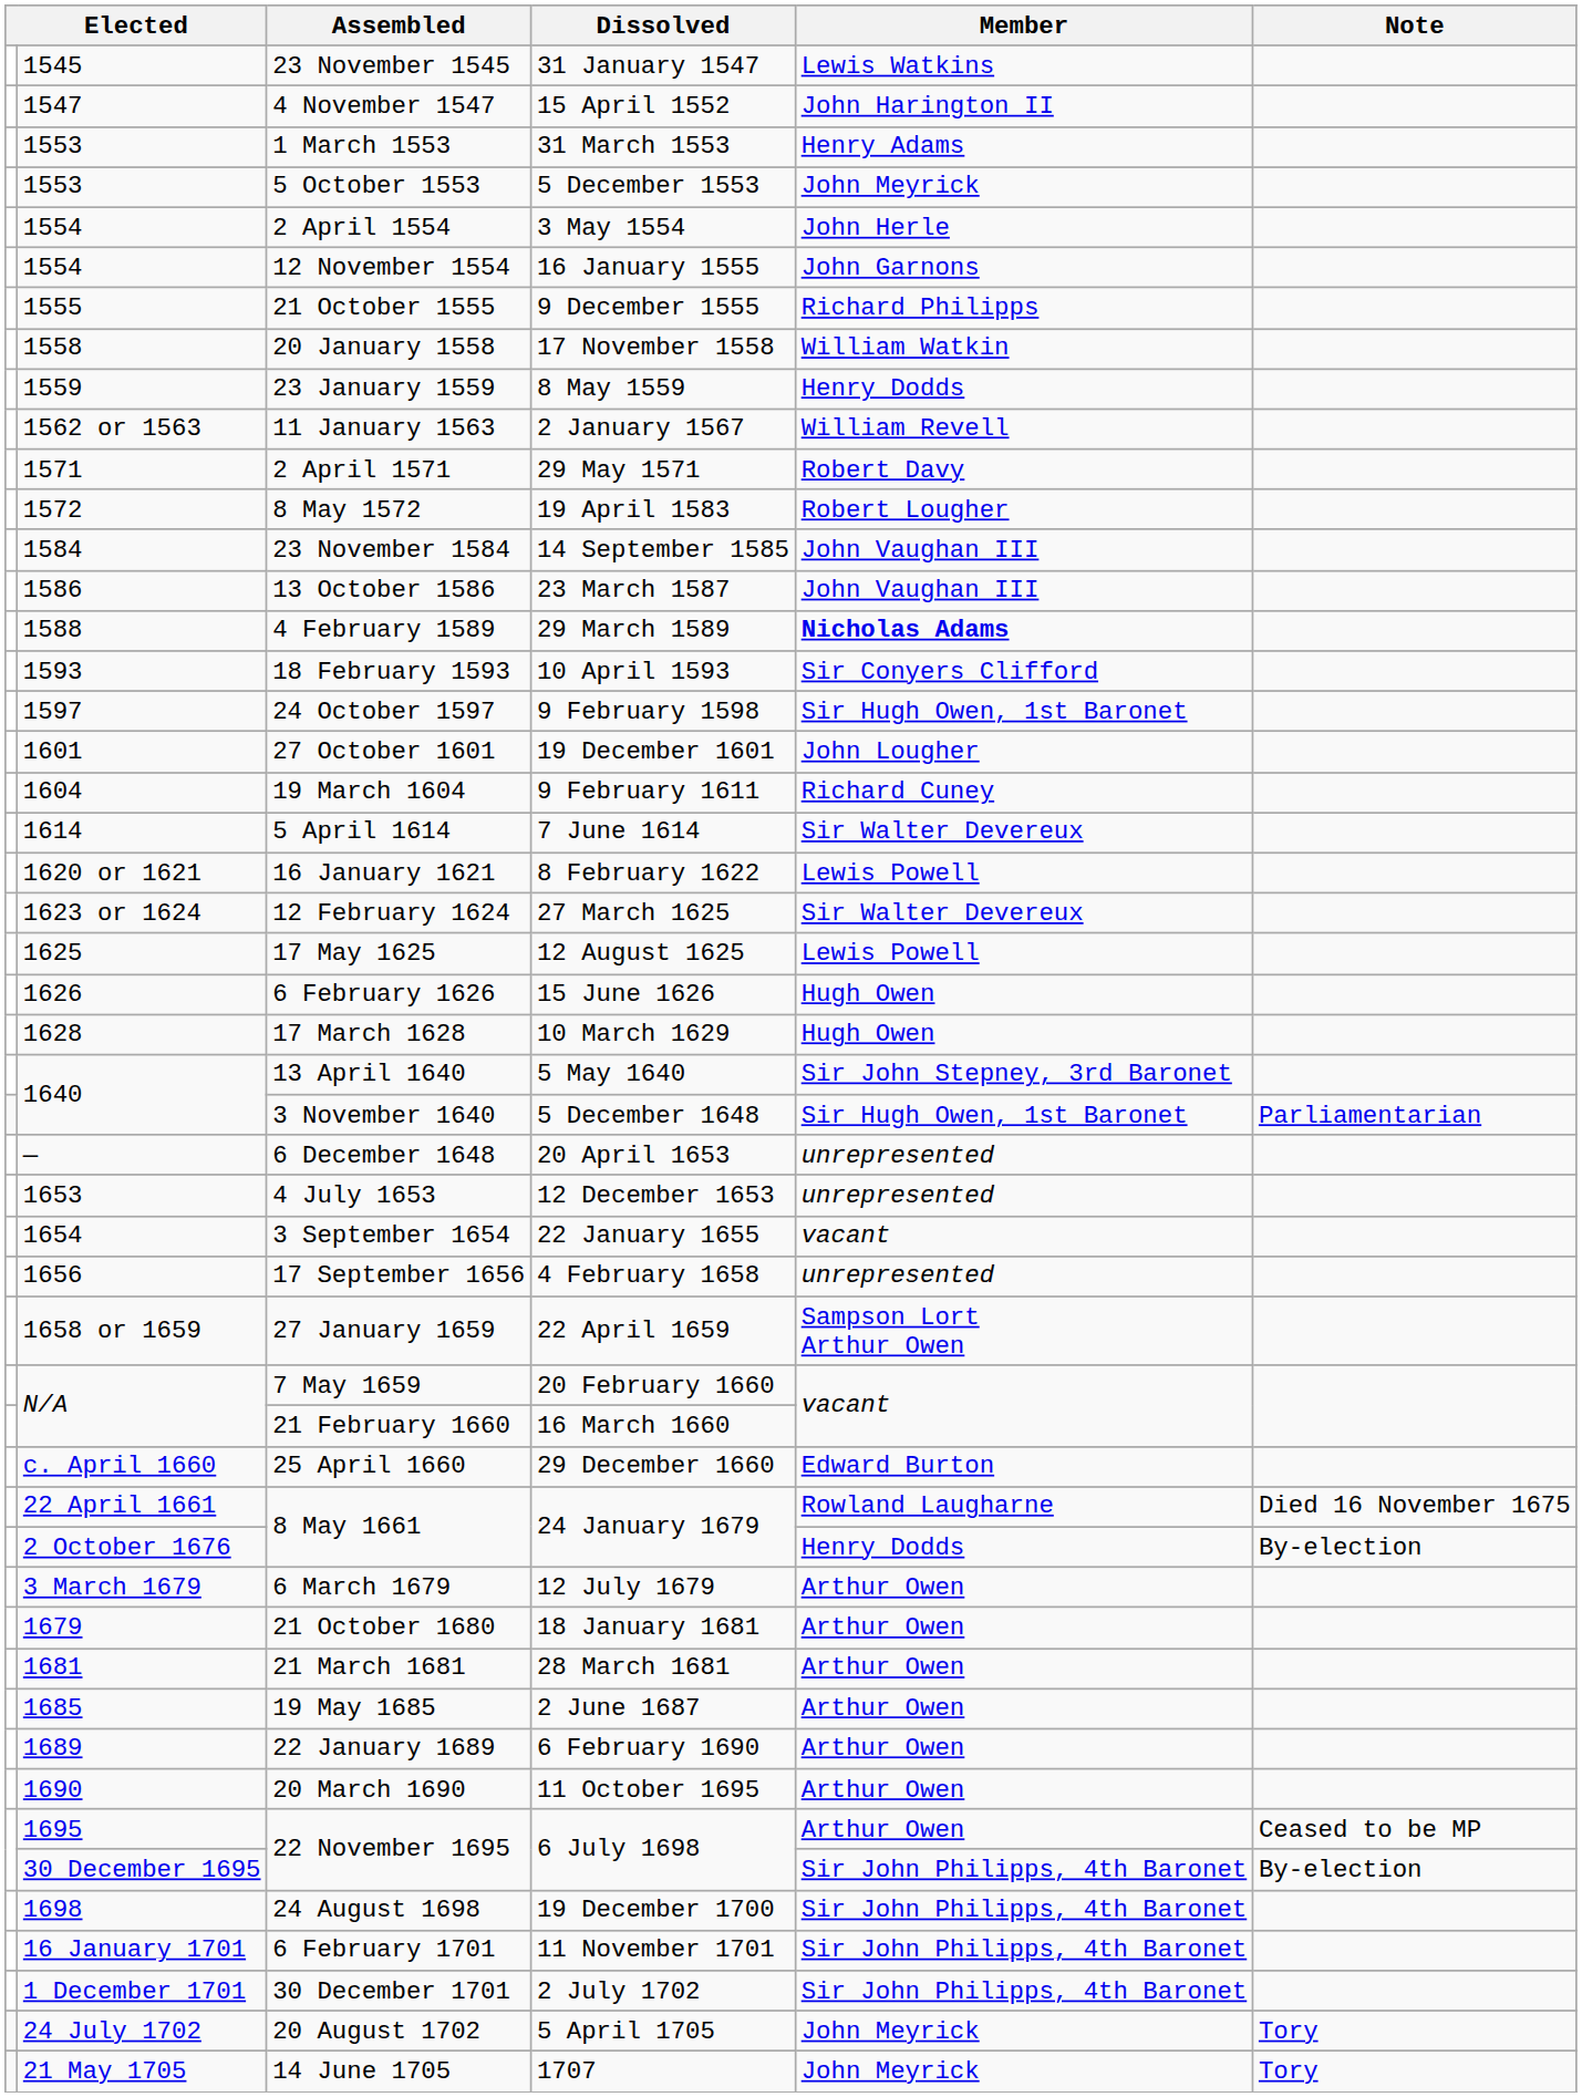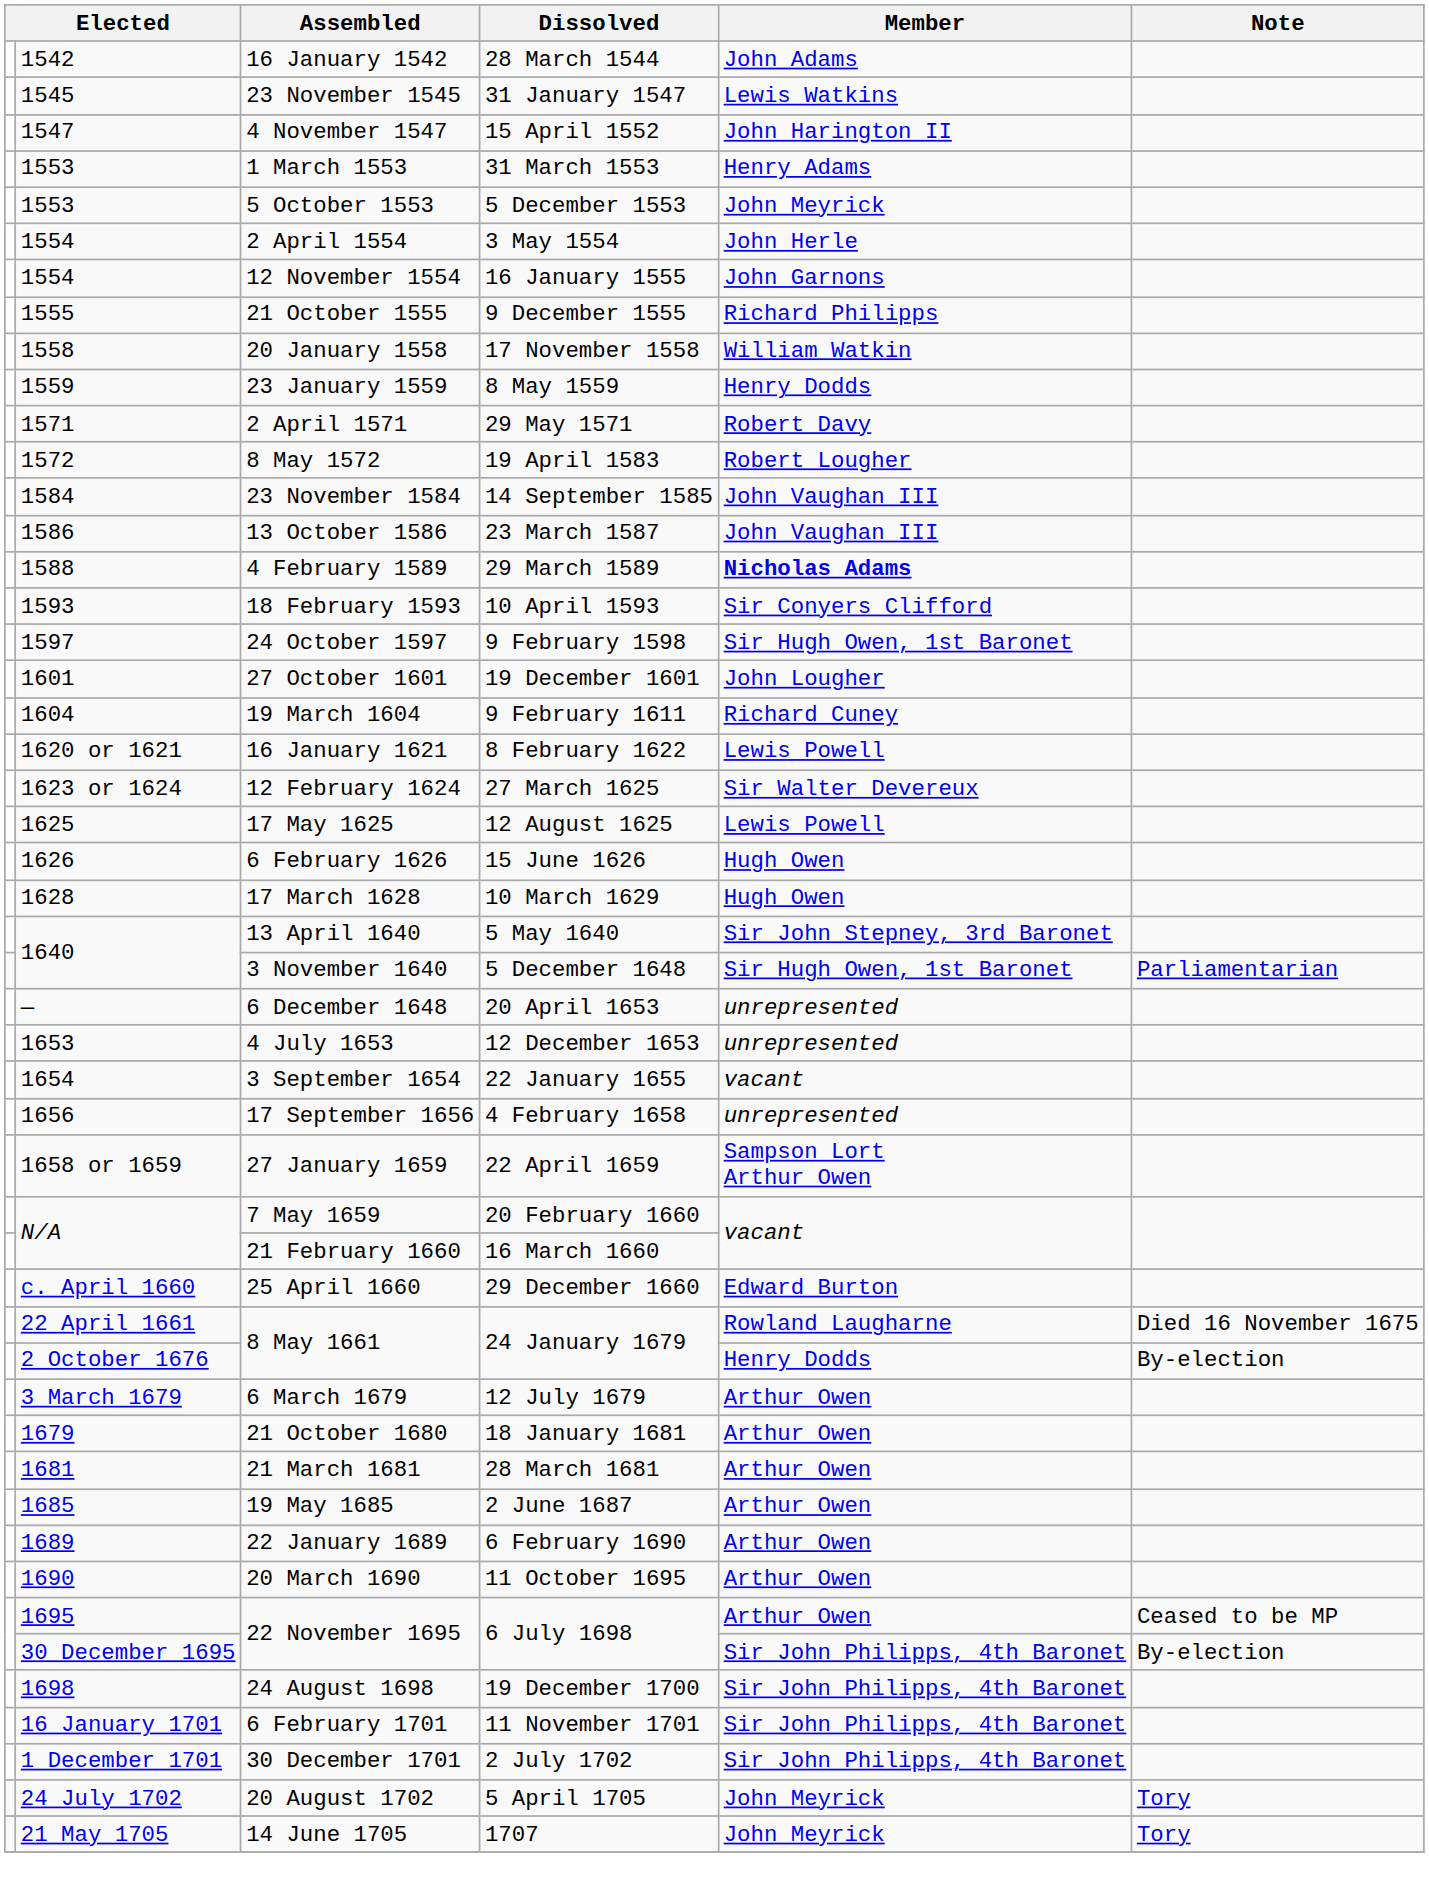 <table class="wikitable">
 <tr>
 <th colspan="2">Elected</th>
 <th>Assembled</th>
 <th>Dissolved</th>
 <th>Member</th>
 <th>Note</th>
+</tr>
+<tr>
+<td style="color:inherit;background-color: white"></td>
+<td>1542</td>
+<td>16 January 1542</td>
+<td>28 March 1544</td>
+<td><a href='#'>John Adams</a></td>
+<td></td>
 </tr>
 <tr>
 <td style="color:inherit;background-color: white"></td>
 <td>1545</td>
 <td>23 November 1545</td>
 <td>31 January 1547</td>
 <td><a href='#'>Lewis Watkins</a></td>
 <td></td>
 </tr>
 <tr>
 <td style="color:inherit;background-color: white"></td>
 <td>1547</td>
 <td>4 November 1547</td>
 <td>15 April 1552</td>
 <td><a href='#'>John Harington II</a></td>
 <td></td>
 </tr>
 <tr>
 <td style="color:inherit;background-color: white"></td>
 <td>1553</td>
 <td>1 March 1553</td>
 <td>31 March 1553</td>
 <td><a href='#'>Henry Adams</a></td>
 <td></td>
 </tr>
 <tr>
 <td style="color:inherit;background-color: white"></td>
 <td>1553</td>
 <td>5 October 1553</td>
 <td>5 December 1553</td>
 <td><a href='#'>John Meyrick</a> </td>
 <td></td>
 </tr>
 <tr>
 <td style="color:inherit;background-color: white"></td>
 <td>1554</td>
 <td>2 April 1554</td>
 <td>3 May 1554</td>
 <td><a href='#'>John Herle</a></td>
 <td></td>
 </tr>
 <tr>
 <td style="color:inherit;background-color: white"></td>
 <td>1554</td>
 <td>12 November 1554</td>
 <td>16 January 1555</td>
 <td><a href='#'>John Garnons</a></td>
 <td></td>
 </tr>
 <tr>
 <td style="color:inherit;background-color: white"></td>
 <td>1555</td>
 <td>21 October 1555</td>
 <td>9 December 1555</td>
 <td><a href='#'>Richard Philipps</a></td>
 <td></td>
 </tr>
 <tr>
 <td style="color:inherit;background-color: white"></td>
 <td>1558</td>
 <td>20 January 1558</td>
 <td>17 November 1558</td>
 <td><a href='#'>William Watkin</a></td>
 <td></td>
 </tr>
 <tr>
 <td style="color:inherit;background-color: white"></td>
 <td>1559</td>
 <td>23 January 1559</td>
 <td>8 May 1559</td>
 <td><a href='#'>Henry Dodds</a></td>
 <td></td>
 </tr>
 <tr>
 <td style="color:inherit;background-color: white"></td>
-<td>1562 or 1563</td>
-<td>11 January 1563</td>
-<td>2 January 1567</td>
-<td><a href='#'>William Revell</a></td>
-<td></td>
-</tr>
-<tr>
-<td style="color:inherit;background-color: white"></td>
 <td>1571</td>
 <td>2 April 1571</td>
 <td>29 May 1571</td>
 <td><a href='#'>Robert Davy</a></td>
 <td></td>
 </tr>
 <tr>
 <td style="color:inherit;background-color: white"></td>
 <td>1572</td>
 <td>8 May 1572</td>
 <td>19 April 1583</td>
 <td><a href='#'>Robert Lougher</a></td>
 <td></td>
 </tr>
 <tr>
 <td style="color:inherit;background-color: white"></td>
 <td>1584</td>
 <td>23 November 1584</td>
 <td>14 September 1585</td>
 <td><a href='#'>John Vaughan III</a></td>
 <td></td>
 </tr>
 <tr>
 <td style="color:inherit;background-color: white"></td>
 <td>1586</td>
 <td>13 October 1586</td>
 <td>23 March 1587</td>
 <td><a href='#'>John Vaughan III</a></td>
 <td></td>
 </tr>
 <tr>
 <td style="color:inherit;background-color: white"></td>
 <td>1588</td>
 <td>4 February 1589</td>
 <td>29 March 1589</td>
 <td><strong><a href='#'>Nicholas Adams</a></strong></td>
 <td></td>
 </tr>
 <tr>
 <td style="color:inherit;background-color: white"></td>
 <td>1593</td>
 <td>18 February 1593</td>
 <td>10 April 1593</td>
 <td><a href='#'>Sir Conyers Clifford</a></td>
 <td></td>
 </tr>
 <tr>
 <td style="color:inherit;background-color: white"></td>
 <td>1597</td>
 <td>24 October 1597</td>
 <td>9 February 1598</td>
 <td><a href='#'>Sir Hugh Owen, 1st Baronet</a> </td>
 <td></td>
 </tr>
 <tr>
 <td style="color:inherit;background-color: white"></td>
 <td>1601</td>
 <td>27 October 1601</td>
 <td>19 December 1601</td>
 <td><a href='#'>John Lougher</a></td>
 <td></td>
 </tr>
 <tr>
 <td style="color:inherit;background-color: white"></td>
 <td>1604</td>
 <td>19 March 1604</td>
 <td>9 February 1611</td>
 <td><a href='#'>Richard Cuney</a></td>
-<td></td>
-</tr>
-<tr>
-<td style="color:inherit;background-color: white"></td>
-<td>1614</td>
-<td>5 April 1614</td>
-<td>7 June 1614</td>
-<td><a href='#'>Sir Walter Devereux</a></td>
 <td></td>
 </tr>
 <tr>
 <td style="color:inherit;background-color: white"></td>
 <td>1620 or 1621</td>
 <td>16 January 1621</td>
 <td>8 February 1622</td>
 <td><a href='#'>Lewis Powell</a></td>
 <td></td>
 </tr>
 <tr>
 <td style="color:inherit;background-color: white"></td>
 <td>1623 or 1624</td>
 <td>12 February 1624</td>
 <td>27 March 1625</td>
 <td><a href='#'>Sir Walter Devereux</a></td>
 <td></td>
 </tr>
 <tr>
 <td style="color:inherit;background-color: white"></td>
 <td>1625</td>
 <td>17 May 1625</td>
 <td>12 August 1625</td>
 <td><a href='#'>Lewis Powell</a></td>
 <td></td>
 </tr>
 <tr>
 <td style="color:inherit;background-color: white"></td>
 <td>1626</td>
 <td>6 February 1626</td>
 <td>15 June 1626</td>
 <td><a href='#'>Hugh Owen</a> </td>
 <td></td>
 </tr>
 <tr>
 <td style="color:inherit;background-color: white"></td>
 <td>1628</td>
 <td>17 March 1628</td>
 <td>10 March 1629</td>
 <td><a href='#'>Hugh Owen</a> </td>
 <td></td>
 </tr>
 <tr>
 <td style="color:inherit;background-color: white"></td>
 <td rowspan=2>1640</td>
 <td>13 April 1640</td>
 <td>5 May 1640</td>
 <td><a href='#'>Sir John Stepney, 3rd Baronet</a></td>
 <td></td>
 </tr>
 <tr>
 <td style="color:inherit;background-color: "></td>
 <td>3 November 1640</td>
 <td>5 December 1648</td>
 <td><a href='#'>Sir Hugh Owen, 1st Baronet</a> </td>
 <td><a href='#'>Parliamentarian</a></td>
 </tr>
 <tr>
 <td style="color:inherit;background-color: white"></td>
 <td>—</td>
 <td>6 December 1648</td>
 <td>20 April 1653</td>
 <td><em>unrepresented</em></td>
 <td></td>
 </tr>
 <tr>
 <td style="color:inherit;background-color: white"></td>
 <td>1653</td>
 <td>4 July 1653</td>
 <td>12 December 1653</td>
 <td><em>unrepresented</em></td>
 <td></td>
 </tr>
 <tr>
 <td style="color:inherit;background-color: white"></td>
 <td>1654</td>
 <td>3 September 1654</td>
 <td>22 January 1655</td>
 <td><em>vacant</em></td>
 <td></td>
 </tr>
 <tr>
 <td style="color:inherit;background-color: white"></td>
 <td>1656</td>
 <td>17 September 1656</td>
 <td>4 February 1658</td>
 <td><em>unrepresented</em></td>
 <td></td>
 </tr>
 <tr>
 <td style="color:inherit;background-color: white"></td>
 <td>1658 or 1659</td>
 <td>27 January 1659</td>
 <td>22 April 1659</td>
 <td><a href='#'>Sampson Lort</a><br><a href='#'>Arthur Owen</a></td>
 <td></td>
 </tr>
 <tr>
 <td style="color:inherit;background-color: white"></td>
 <td rowspan="2"><em>N/A</em></td>
 <td>7 May 1659</td>
 <td>20 February 1660</td>
 <td rowspan="2"><em>vacant</em></td>
 <td rowspan="2"></td>
 </tr>
 <tr>
 <td style="color:inherit;background-color: white"></td>
 <td>21 February 1660</td>
 <td>16 March 1660</td>
 </tr>
 <tr>
 <td style="color:inherit;background-color: white"></td>
 <td><a href='#'>c. April 1660</a></td>
 <td>25 April 1660</td>
 <td>29 December 1660</td>
 <td><a href='#'>Edward Burton</a></td>
 <td></td>
 </tr>
 <tr>
 <td style="color:inherit;background-color: white"></td>
 <td><a href='#'>22 April 1661</a></td>
 <td rowspan="2">8 May 1661</td>
 <td rowspan="2">24 January 1679</td>
 <td><a href='#'>Rowland Laugharne</a> </td>
 <td>Died 16 November 1675</td>
 </tr>
 <tr>
 <td style="color:inherit;background-color: white"></td>
 <td><a href='#'>2 October 1676</a></td>
 <td><a href='#'>Henry Dodds</a></td>
 <td>By-election</td>
 </tr>
 <tr>
 <td style="color:inherit;background-color: white"></td>
 <td><a href='#'>3 March 1679</a></td>
 <td>6 March 1679</td>
 <td>12 July 1679</td>
 <td><a href='#'>Arthur Owen</a> </td>
 <td></td>
 </tr>
 <tr>
 <td style="color:inherit;background-color: white"></td>
 <td><a href='#'>1679</a></td>
 <td>21 October 1680</td>
 <td>18 January 1681</td>
 <td><a href='#'>Arthur Owen</a> </td>
 <td></td>
 </tr>
 <tr>
 <td style="color:inherit;background-color: white"></td>
 <td><a href='#'>1681</a></td>
 <td>21 March 1681</td>
 <td>28 March 1681</td>
 <td><a href='#'>Arthur Owen</a> </td>
 <td></td>
 </tr>
 <tr>
 <td style="color:inherit;background-color: white"></td>
 <td><a href='#'>1685</a></td>
 <td>19 May 1685</td>
 <td>2 June 1687</td>
 <td><a href='#'>Arthur Owen</a>  </td>
 <td></td>
 </tr>
 <tr>
 <td style="color:inherit;background-color: white"></td>
 <td><a href='#'>1689</a></td>
 <td>22 January 1689</td>
 <td>6 February 1690</td>
 <td><a href='#'>Arthur Owen</a> </td>
 <td></td>
 </tr>
 <tr>
 <td style="color:inherit;background-color: white"></td>
 <td><a href='#'>1690</a></td>
 <td>20 March 1690</td>
 <td>11 October 1695</td>
 <td><a href='#'>Arthur Owen</a>  </td>
 <td></td>
 </tr>
 <tr>
 <td rowspan="2" style="color:inherit;background-color: white"></td>
 <td><a href='#'>1695</a></td>
 <td rowspan="2">22 November 1695</td>
 <td rowspan="2">6 July 1698</td>
 <td><a href='#'>Arthur Owen</a>  </td>
 <td>Ceased to be MP</td>
 </tr>
 <tr>
 <td><a href='#'>30 December 1695</a></td>
 <td><a href='#'>Sir John Philipps, 4th Baronet</a> </td>
 <td>By-election</td>
 </tr>
 <tr>
 <td style="color:inherit;background-color: white"></td>
 <td><a href='#'>1698</a></td>
 <td>24 August 1698</td>
 <td>19 December 1700</td>
 <td><a href='#'>Sir John Philipps, 4th Baronet</a> </td>
 <td></td>
 </tr>
 <tr>
 <td style="color:inherit;background-color: white"></td>
 <td><a href='#'>16 January 1701</a></td>
 <td>6 February 1701</td>
 <td>11 November 1701</td>
 <td><a href='#'>Sir John Philipps, 4th Baronet</a> </td>
 <td></td>
 </tr>
 <tr>
 <td style="color:inherit;background-color: white"></td>
 <td><a href='#'>1 December 1701</a></td>
 <td>30 December 1701</td>
 <td>2 July 1702</td>
 <td><a href='#'>Sir John Philipps, 4th Baronet</a> </td>
 <td></td>
 </tr>
 <tr>
 <td style="color:inherit;background-color: "></td>
 <td><a href='#'>24 July 1702</a></td>
 <td>20 August 1702</td>
 <td>5 April 1705</td>
 <td><a href='#'>John Meyrick</a> </td>
 <td><a href='#'>Tory</a></td>
 </tr>
 <tr>
 <td style="color:inherit;background-color: "></td>
 <td><a href='#'>21 May 1705</a></td>
 <td>14 June 1705</td>
 <td>1707</td>
 <td><a href='#'>John Meyrick</a> </td>
 <td><a href='#'>Tory</a></td>
 </tr>
 <tr>
 </tr>
 </table>
